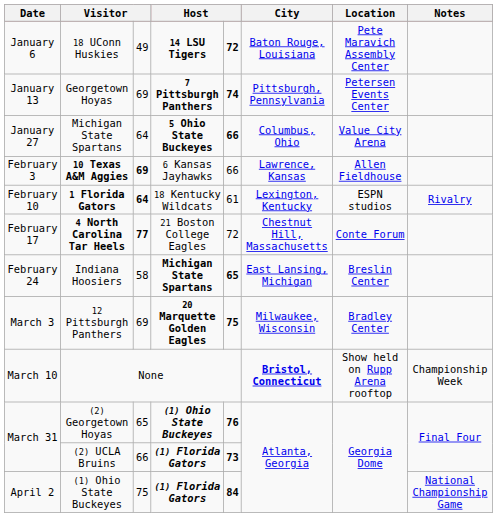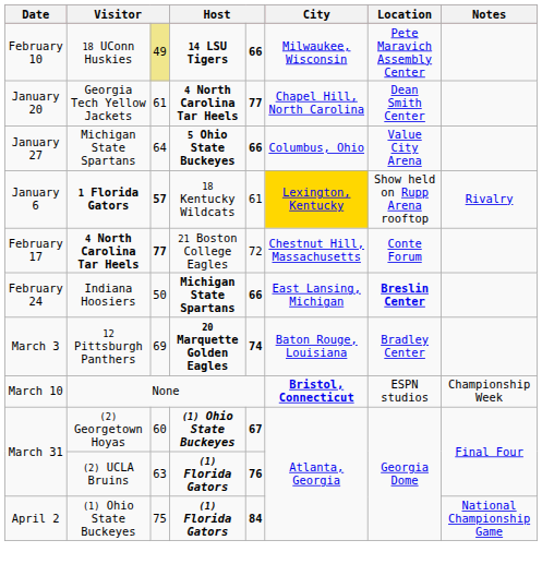 <table class="wikitable" style="text-align:center">
 <tr style="background:#A32638;"|>
 <th>Date</th>
 <th colspan=2>Visitor</th>
 <th colspan=2>Host</th>
 <th>City</th>
 <th>Location</th>
 <th>Notes</th>
 </tr>
 <tr>
-<td>January 6</td>
+<td>February 10</td>
 <td><small>18</small> UConn Huskies</td>
-<td>49</td>
+<td style="background: khaki;">49</td>
 <td><strong><small>14</small> LSU Tigers</strong></td>
-<td><strong>72</strong></td>
-<td><a href='#'>Baton Rouge, Louisiana</a></td>
+<td><strong>66</strong></td>
+<td><a href='#'>Milwaukee, Wisconsin</a></td>
 <td><a href='#'>Pete Maravich Assembly Center</a></td>
 <td></td>
 </tr>
 <tr>
-<td>January 13</td>
-<td>Georgetown Hoyas</td>
-<td>69</td>
-<td><strong><small>7</small> Pittsburgh Panthers</strong></td>
-<td><strong>74</strong></td>
-<td><a href='#'>Pittsburgh, Pennsylvania</a></td>
-<td><a href='#'>Petersen Events Center</a></td>
+<td>January 20</td>
+<td>Georgia Tech Yellow Jackets</td>
+<td>61</td>
+<td><strong><small>4</small> North Carolina Tar Heels</strong></td>
+<td><strong>77</strong></td>
+<td><a href='#'>Chapel Hill, North Carolina</a></td>
+<td><a href='#'>Dean Smith Center</a></td>
 <td></td>
 </tr>
 <tr>
 <td>January 27</td>
 <td>Michigan State Spartans</td>
 <td>64</td>
 <td><strong><small>5</small> Ohio State Buckeyes</strong></td>
 <td><strong>66</strong></td>
 <td><a href='#'>Columbus, Ohio</a></td>
 <td><a href='#'>Value City Arena</a></td>
 <td></td>
 </tr>
 <tr>
-<td>February 3</td>
-<td><strong><small>10</small> Texas A&M Aggies</strong></td>
-<td><strong>69</strong></td>
-<td><small>6</small> Kansas Jayhawks</td>
-<td>66</td>
-<td><a href='#'>Lawrence, Kansas</a></td>
-<td><a href='#'>Allen Fieldhouse</a></td>
-<td></td>
-</tr>
-<tr>
-<td>February 10</td>
+<td>January 6</td>
 <td><strong><small>1</small> Florida Gators</strong></td>
-<td><strong>64</strong></td>
+<td><strong>57</strong></td>
 <td><small>18</small> Kentucky Wildcats</td>
 <td>61</td>
-<td><a href='#'>Lexington, Kentucky</a></td>
-<td>ESPN studios</td>
+<td style="background: gold;"><a href='#'>Lexington, Kentucky</a></td>
+<td>Show held on <a href='#'>Rupp Arena</a> rooftop</td>
 <td><a href='#'>Rivalry</a></td>
 </tr>
 <tr>
 <td>February 17</td>
 <td><strong><small>4</small> North Carolina Tar Heels</strong></td>
 <td><strong>77</strong></td>
 <td><small>21</small> Boston College Eagles</td>
 <td>72</td>
 <td><a href='#'>Chestnut Hill, Massachusetts</a></td>
 <td><a href='#'>Conte Forum</a></td>
 <td></td>
 </tr>
 <tr>
 <td>February 24</td>
 <td>Indiana Hoosiers</td>
-<td>58</td>
+<td>50</td>
 <td><strong>Michigan State Spartans</strong></td>
-<td><strong>65</strong></td>
+<td><strong>66</strong></td>
 <td><a href='#'>East Lansing, Michigan</a></td>
-<td><a href='#'>Breslin Center</a></td>
+<td><strong><a href='#'>Breslin Center</a></strong></td>
 <td></td>
 </tr>
 <tr>
 <td>March 3</td>
 <td><small>12</small> Pittsburgh Panthers</td>
 <td>69</td>
 <td><strong><small>20</small> Marquette Golden Eagles</strong></td>
-<td><strong>75</strong></td>
-<td><a href='#'>Milwaukee, Wisconsin</a></td>
+<td><strong>74</strong></td>
+<td><a href='#'>Baton Rouge, Louisiana</a></td>
 <td><a href='#'>Bradley Center</a></td>
 <td></td>
 </tr>
 <tr>
 <td>March 10</td>
 <td colspan="4">None</td>
 <td><strong><a href='#'>Bristol, Connecticut</a></strong></td>
-<td>Show held on <a href='#'>Rupp Arena</a> rooftop</td>
+<td>ESPN studios</td>
 <td>Championship Week</td>
 </tr>
 <tr>
 <td rowspan="2">March 31</td>
 <td><small>(2)</small> Georgetown Hoyas</td>
-<td>65</td>
+<td>60</td>
 <td><strong><em><small>(1)</small> Ohio State Buckeyes</em></strong></td>
-<td><strong>76</strong></td>
+<td><strong>67</strong></td>
 <td rowspan="3"><a href='#'>Atlanta, Georgia</a></td>
 <td rowspan="3"><a href='#'>Georgia Dome</a></td>
 <td rowspan="2"><a href='#'>Final Four</a></td>
 </tr>
 <tr>
 <td><small>(2)</small> UCLA Bruins</td>
-<td>66</td>
+<td>63</td>
 <td><strong><em><small>(1)</small> Florida Gators</em></strong></td>
-<td><strong>73</strong></td>
+<td><strong>76</strong></td>
 </tr>
 <tr>
 <td>April 2</td>
 <td><small>(1)</small> Ohio State Buckeyes</td>
 <td>75</td>
 <td><strong><em><small>(1)</small> Florida Gators</em></strong></td>
 <td><strong>84</strong></td>
 <td><a href='#'>National Championship Game</a></td>
 </tr>
 </table>
